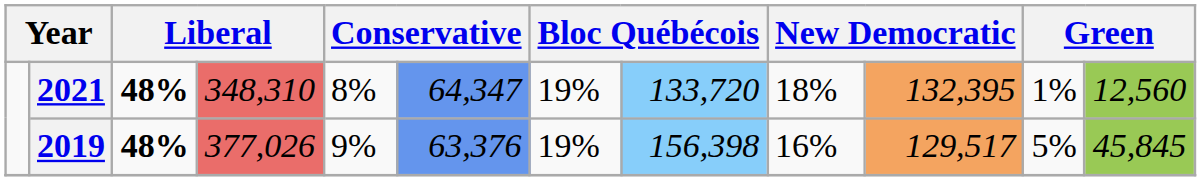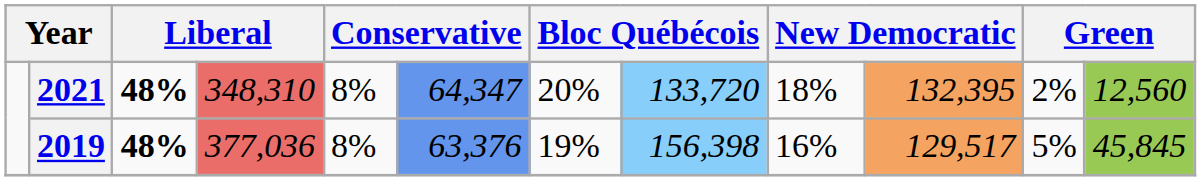 <table class="wikitable" style="float:right; width:400; font-size:90%; margin-left:1em;">
 <tr>
 <th colspan="2" scope="col">Year</th>
 <th colspan="2" scope="col"><a href='#'>Liberal</a></th>
 <th colspan="2" scope="col"><a href='#'>Conservative</a></th>
 <th colspan="2" scope="col"><a href='#'>Bloc Québécois</a></th>
 <th colspan="2" scope="col"><a href='#'>New Democratic</a></th>
 <th colspan="2" scope="col"><a href='#'>Green</a></th>
 </tr>
 <tr>
 <td rowspan="2" style="width: 0.25em; background-color: "></td>
 <th><a href='#'>2021</a></th>
 <td><strong>48%</strong></td>
 <td style="text-align:right; background:#EA6D6A;"><em>348,310</em></td>
 <td>8%</td>
 <td style="text-align:right; background:#6495ED;"><em>64,347</em></td>
-<td>19%</td>
+<td>20%</td>
 <td style="text-align:right; background:#87CEFA;"><em>133,720</em></td>
 <td>18%</td>
 <td style="text-align:right; background:#F4A460;"><em>132,395</em></td>
-<td>1%</td>
+<td>2%</td>
 <td style="text-align:right; background:#99C955;"><em>12,560</em></td>
 </tr>
 <tr>
 <th><a href='#'>2019</a></th>
 <td><strong>48%</strong></td>
-<td style="text-align:right; background:#EA6D6A;"><em>377,026</em></td>
-<td>9%</td>
+<td style="text-align:right; background:#EA6D6A;"><em>377,036</em></td>
+<td>8%</td>
 <td style="text-align:right; background:#6495ED;"><em>63,376</em></td>
 <td>19%</td>
 <td style="text-align:right; background:#87CEFA;"><em>156,398</em></td>
 <td>16%</td>
 <td style="text-align:right; background:#F4A460;"><em>129,517</em></td>
 <td>5%</td>
 <td style="text-align:right; background:#99C955;"><em>45,845</em></td>
 </tr>
 <tr>
 </tr>
 </table>
